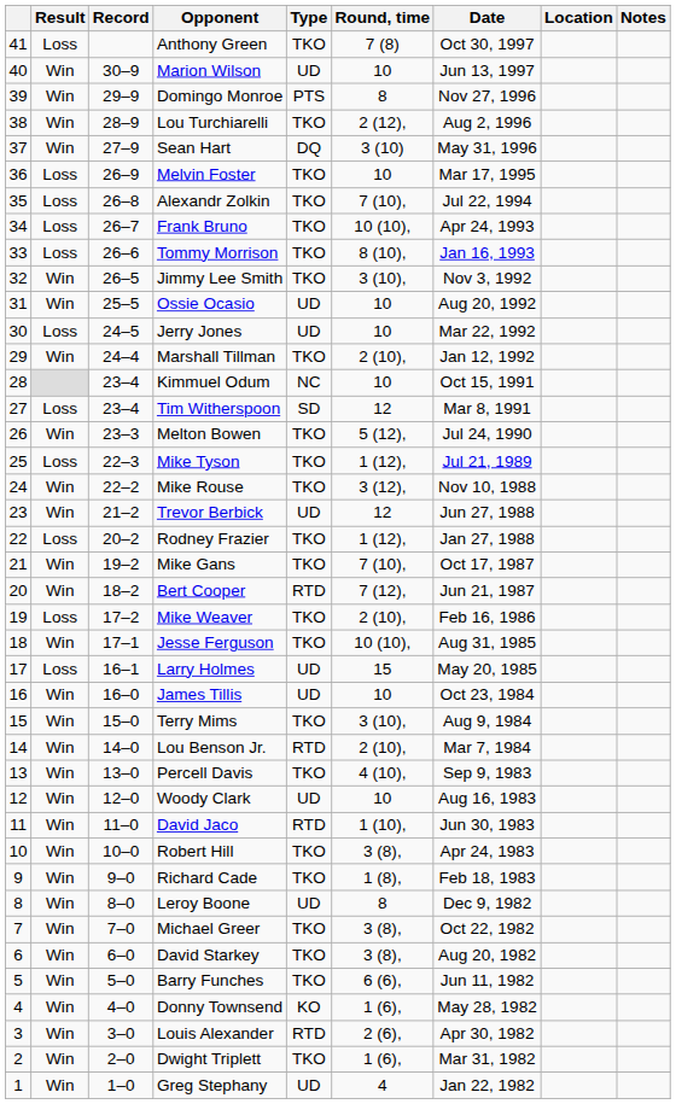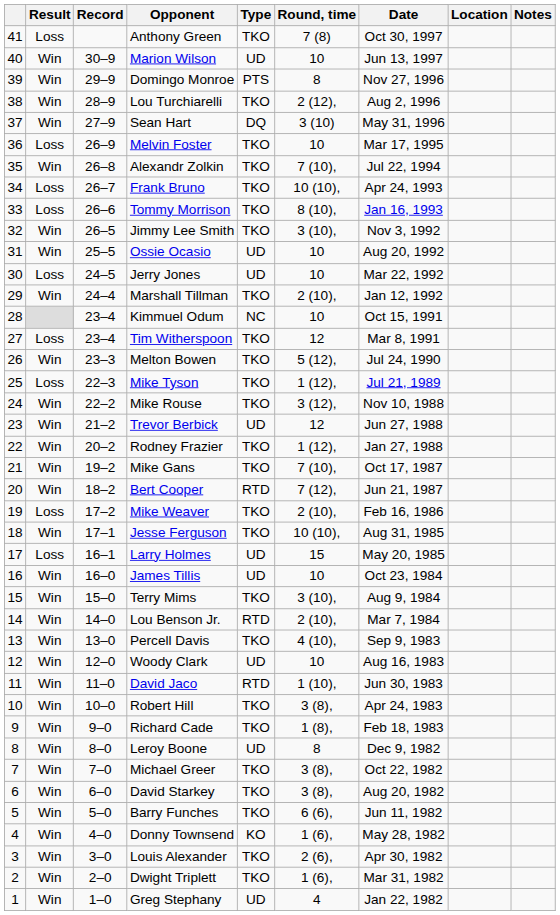 <table class="wikitable" style="text-align:center">
 <tr>
 <th></th>
 <th>Result</th>
 <th>Record</th>
 <th>Opponent</th>
 <th>Type</th>
 <th>Round, time</th>
 <th>Date</th>
 <th>Location</th>
 <th>Notes</th>
 </tr>
 <tr>
 <td>41</td>
 <td>Loss</td>
 <td></td>
 <td align=left>Anthony Green</td>
 <td>TKO</td>
 <td>7 (8)</td>
 <td>Oct 30, 1997</td>
 <td align=left></td>
 <td></td>
 </tr>
 <tr>
 <td>40</td>
 <td>Win</td>
 <td>30–9 </td>
 <td align=left><a href='#'>Marion Wilson</a></td>
 <td>UD</td>
 <td>10</td>
 <td>Jun 13, 1997</td>
 <td align=left></td>
 <td></td>
 </tr>
 <tr>
 <td>39</td>
 <td>Win</td>
 <td>29–9 </td>
 <td align=left>Domingo Monroe</td>
 <td>PTS</td>
 <td>8</td>
 <td>Nov 27, 1996</td>
 <td align=left></td>
 <td></td>
 </tr>
 <tr>
 <td>38</td>
 <td>Win</td>
 <td>28–9 </td>
 <td align=left>Lou Turchiarelli</td>
 <td>TKO</td>
 <td>2 (12), </td>
 <td>Aug 2, 1996</td>
 <td align=left></td>
 <td></td>
 </tr>
 <tr>
 <td>37</td>
 <td>Win</td>
 <td>27–9 </td>
 <td align=left>Sean Hart</td>
 <td>DQ</td>
 <td>3 (10)</td>
 <td>May 31, 1996</td>
 <td align=left></td>
 <td></td>
 </tr>
 <tr>
 <td>36</td>
 <td>Loss</td>
 <td>26–9 </td>
 <td align=left><a href='#'>Melvin Foster</a></td>
 <td>TKO</td>
 <td>10</td>
 <td>Mar 17, 1995</td>
 <td align=left></td>
 <td></td>
 </tr>
 <tr>
 <td>35</td>
-<td>Loss</td>
+<td>Win</td>
 <td>26–8 </td>
 <td align=left>Alexandr Zolkin</td>
 <td>TKO</td>
 <td>7 (10), </td>
 <td>Jul 22, 1994</td>
 <td align=left></td>
 <td align=left></td>
 </tr>
 <tr>
 <td>34</td>
 <td>Loss</td>
 <td>26–7 </td>
 <td align=left><a href='#'>Frank Bruno</a></td>
 <td>TKO</td>
 <td>10 (10), </td>
 <td>Apr 24, 1993</td>
 <td align=left></td>
 <td></td>
 </tr>
 <tr>
 <td>33</td>
 <td>Loss</td>
 <td>26–6 </td>
 <td align=left><a href='#'>Tommy Morrison</a></td>
 <td>TKO</td>
 <td>8 (10), </td>
 <td><a href='#'>Jan 16, 1993</a></td>
 <td align=left></td>
 <td></td>
 </tr>
 <tr>
 <td>32</td>
 <td>Win</td>
 <td>26–5 </td>
 <td align=left>Jimmy Lee Smith</td>
 <td>TKO</td>
 <td>3 (10), </td>
 <td>Nov 3, 1992</td>
 <td align=left></td>
 <td></td>
 </tr>
 <tr>
 <td>31</td>
 <td>Win</td>
 <td>25–5 </td>
 <td align=left><a href='#'>Ossie Ocasio</a></td>
 <td>UD</td>
 <td>10</td>
 <td>Aug 20, 1992</td>
 <td align=left></td>
 <td></td>
 </tr>
 <tr>
 <td>30</td>
 <td>Loss</td>
 <td>24–5 </td>
 <td align=left>Jerry Jones</td>
 <td>UD</td>
 <td>10</td>
 <td>Mar 22, 1992</td>
 <td align=left></td>
 <td></td>
 </tr>
 <tr>
 <td>29</td>
 <td>Win</td>
 <td>24–4 </td>
 <td align=left>Marshall Tillman</td>
 <td>TKO</td>
 <td>2 (10), </td>
 <td>Jan 12, 1992</td>
 <td align=left></td>
 <td></td>
 </tr>
 <tr>
 <td>28</td>
 <td style="background:#DDD"></td>
 <td>23–4 </td>
 <td align=left>Kimmuel Odum</td>
 <td>NC</td>
 <td>10</td>
 <td>Oct 15, 1991</td>
 <td align=left></td>
 <td align=left></td>
 </tr>
 <tr>
 <td>27</td>
 <td>Loss</td>
 <td>23–4</td>
 <td align=left><a href='#'>Tim Witherspoon</a></td>
-<td>SD</td>
+<td>TKO</td>
 <td>12</td>
 <td>Mar 8, 1991</td>
 <td align=left></td>
 <td align=left></td>
 </tr>
 <tr>
 <td>26</td>
 <td>Win</td>
 <td>23–3</td>
 <td align=left>Melton Bowen</td>
 <td>TKO</td>
 <td>5 (12), </td>
 <td>Jul 24, 1990</td>
 <td align=left></td>
 <td align=left></td>
 </tr>
 <tr>
 <td>25</td>
 <td>Loss</td>
 <td>22–3</td>
 <td align=left><a href='#'>Mike Tyson</a></td>
 <td>TKO</td>
 <td>1 (12), </td>
 <td><a href='#'>Jul 21, 1989</a></td>
 <td align=left></td>
 <td align=left></td>
 </tr>
 <tr>
 <td>24</td>
 <td>Win</td>
 <td>22–2</td>
 <td align=left>Mike Rouse</td>
 <td>TKO</td>
 <td>3 (12), </td>
 <td>Nov 10, 1988</td>
 <td align=left></td>
 <td align=left></td>
 </tr>
 <tr>
 <td>23</td>
 <td>Win</td>
 <td>21–2</td>
 <td align=left><a href='#'>Trevor Berbick</a></td>
 <td>UD</td>
 <td>12</td>
 <td>Jun 27, 1988</td>
 <td align=left></td>
 <td align=left></td>
 </tr>
 <tr>
 <td>22</td>
-<td>Loss</td>
+<td>Win</td>
 <td>20–2</td>
 <td align=left>Rodney Frazier</td>
 <td>TKO</td>
 <td>1 (12), </td>
 <td>Jan 27, 1988</td>
 <td align=left></td>
 <td align=left></td>
 </tr>
 <tr>
 <td>21</td>
 <td>Win</td>
 <td>19–2</td>
 <td align=left>Mike Gans</td>
 <td>TKO</td>
 <td>7 (10), </td>
 <td>Oct 17, 1987</td>
 <td align=left></td>
 <td></td>
 </tr>
 <tr>
 <td>20</td>
 <td>Win</td>
 <td>18–2</td>
 <td align=left><a href='#'>Bert Cooper</a></td>
 <td>RTD</td>
 <td>7 (12), </td>
 <td>Jun 21, 1987</td>
 <td align=left></td>
 <td align=left></td>
 </tr>
 <tr>
 <td>19</td>
 <td>Loss</td>
 <td>17–2</td>
 <td align=left><a href='#'>Mike Weaver</a></td>
 <td>TKO</td>
 <td>2 (10), </td>
 <td>Feb 16, 1986</td>
 <td align=left></td>
 <td></td>
 </tr>
 <tr>
 <td>18</td>
 <td>Win</td>
 <td>17–1</td>
 <td align=left><a href='#'>Jesse Ferguson</a></td>
 <td>TKO</td>
 <td>10 (10), </td>
 <td>Aug 31, 1985</td>
 <td align=left></td>
 <td></td>
 </tr>
 <tr>
 <td>17</td>
 <td>Loss</td>
 <td>16–1</td>
 <td align=left><a href='#'>Larry Holmes</a></td>
 <td>UD</td>
 <td>15</td>
 <td>May 20, 1985</td>
 <td align=left></td>
 <td align=left></td>
 </tr>
 <tr>
 <td>16</td>
 <td>Win</td>
 <td>16–0</td>
 <td align=left><a href='#'>James Tillis</a></td>
 <td>UD</td>
 <td>10</td>
 <td>Oct 23, 1984</td>
 <td align=left></td>
 <td></td>
 </tr>
 <tr>
 <td>15</td>
 <td>Win</td>
 <td>15–0</td>
 <td align=left>Terry Mims</td>
 <td>TKO</td>
 <td>3 (10), </td>
 <td>Aug 9, 1984</td>
 <td align=left></td>
 <td></td>
 </tr>
 <tr>
 <td>14</td>
 <td>Win</td>
 <td>14–0</td>
 <td align=left>Lou Benson Jr.</td>
 <td>RTD</td>
 <td>2 (10), </td>
 <td>Mar 7, 1984</td>
 <td align=left></td>
 <td></td>
 </tr>
 <tr>
 <td>13</td>
 <td>Win</td>
 <td>13–0</td>
 <td align=left>Percell Davis</td>
 <td>TKO</td>
 <td>4 (10), </td>
 <td>Sep 9, 1983</td>
 <td align=left></td>
 <td></td>
 </tr>
 <tr>
 <td>12</td>
 <td>Win</td>
 <td>12–0</td>
 <td align=left>Woody Clark</td>
 <td>UD</td>
 <td>10</td>
 <td>Aug 16, 1983</td>
 <td align=left></td>
 <td></td>
 </tr>
 <tr>
 <td>11</td>
 <td>Win</td>
 <td>11–0</td>
 <td align=left><a href='#'>David Jaco</a></td>
 <td>RTD</td>
 <td>1 (10), </td>
 <td>Jun 30, 1983</td>
 <td align=left></td>
 <td></td>
 </tr>
 <tr>
 <td>10</td>
 <td>Win</td>
 <td>10–0</td>
 <td align=left>Robert Hill</td>
 <td>TKO</td>
 <td>3 (8), </td>
 <td>Apr 24, 1983</td>
 <td align=left></td>
 <td></td>
 </tr>
 <tr>
 <td>9</td>
 <td>Win</td>
 <td>9–0</td>
 <td align=left>Richard Cade</td>
 <td>TKO</td>
 <td>1 (8), </td>
 <td>Feb 18, 1983</td>
 <td align=left></td>
 <td></td>
 </tr>
 <tr>
 <td>8</td>
 <td>Win</td>
 <td>8–0</td>
 <td align=left>Leroy Boone</td>
 <td>UD</td>
 <td>8</td>
 <td>Dec 9, 1982</td>
 <td align=left></td>
 <td></td>
 </tr>
 <tr>
 <td>7</td>
 <td>Win</td>
 <td>7–0</td>
 <td align=left>Michael Greer</td>
 <td>TKO</td>
 <td>3 (8), </td>
 <td>Oct 22, 1982</td>
 <td align=left></td>
 <td></td>
 </tr>
 <tr>
 <td>6</td>
 <td>Win</td>
 <td>6–0</td>
 <td align=left>David Starkey</td>
 <td>TKO</td>
 <td>3 (8), </td>
 <td>Aug 20, 1982</td>
 <td align=left></td>
 <td></td>
 </tr>
 <tr>
 <td>5</td>
 <td>Win</td>
 <td>5–0</td>
 <td align=left>Barry Funches</td>
 <td>TKO</td>
 <td>6 (6), </td>
 <td>Jun 11, 1982</td>
 <td align=left></td>
 <td></td>
 </tr>
 <tr>
 <td>4</td>
 <td>Win</td>
 <td>4–0</td>
 <td align=left>Donny Townsend</td>
 <td>KO</td>
 <td>1 (6), </td>
 <td>May 28, 1982</td>
 <td align=left></td>
 <td></td>
 </tr>
 <tr>
 <td>3</td>
 <td>Win</td>
 <td>3–0</td>
 <td align=left>Louis Alexander</td>
-<td>RTD</td>
+<td>TKO</td>
 <td>2 (6), </td>
 <td>Apr 30, 1982</td>
 <td align=left></td>
 <td></td>
 </tr>
 <tr>
 <td>2</td>
 <td>Win</td>
 <td>2–0</td>
 <td align=left>Dwight Triplett</td>
 <td>TKO</td>
 <td>1 (6), </td>
 <td>Mar 31, 1982</td>
 <td align=left></td>
 <td></td>
 </tr>
 <tr>
 <td>1</td>
 <td>Win</td>
 <td>1–0</td>
 <td align=left>Greg Stephany</td>
 <td>UD</td>
 <td>4</td>
 <td>Jan 22, 1982</td>
 <td align=left></td>
 <td></td>
 </tr>
 </table>
